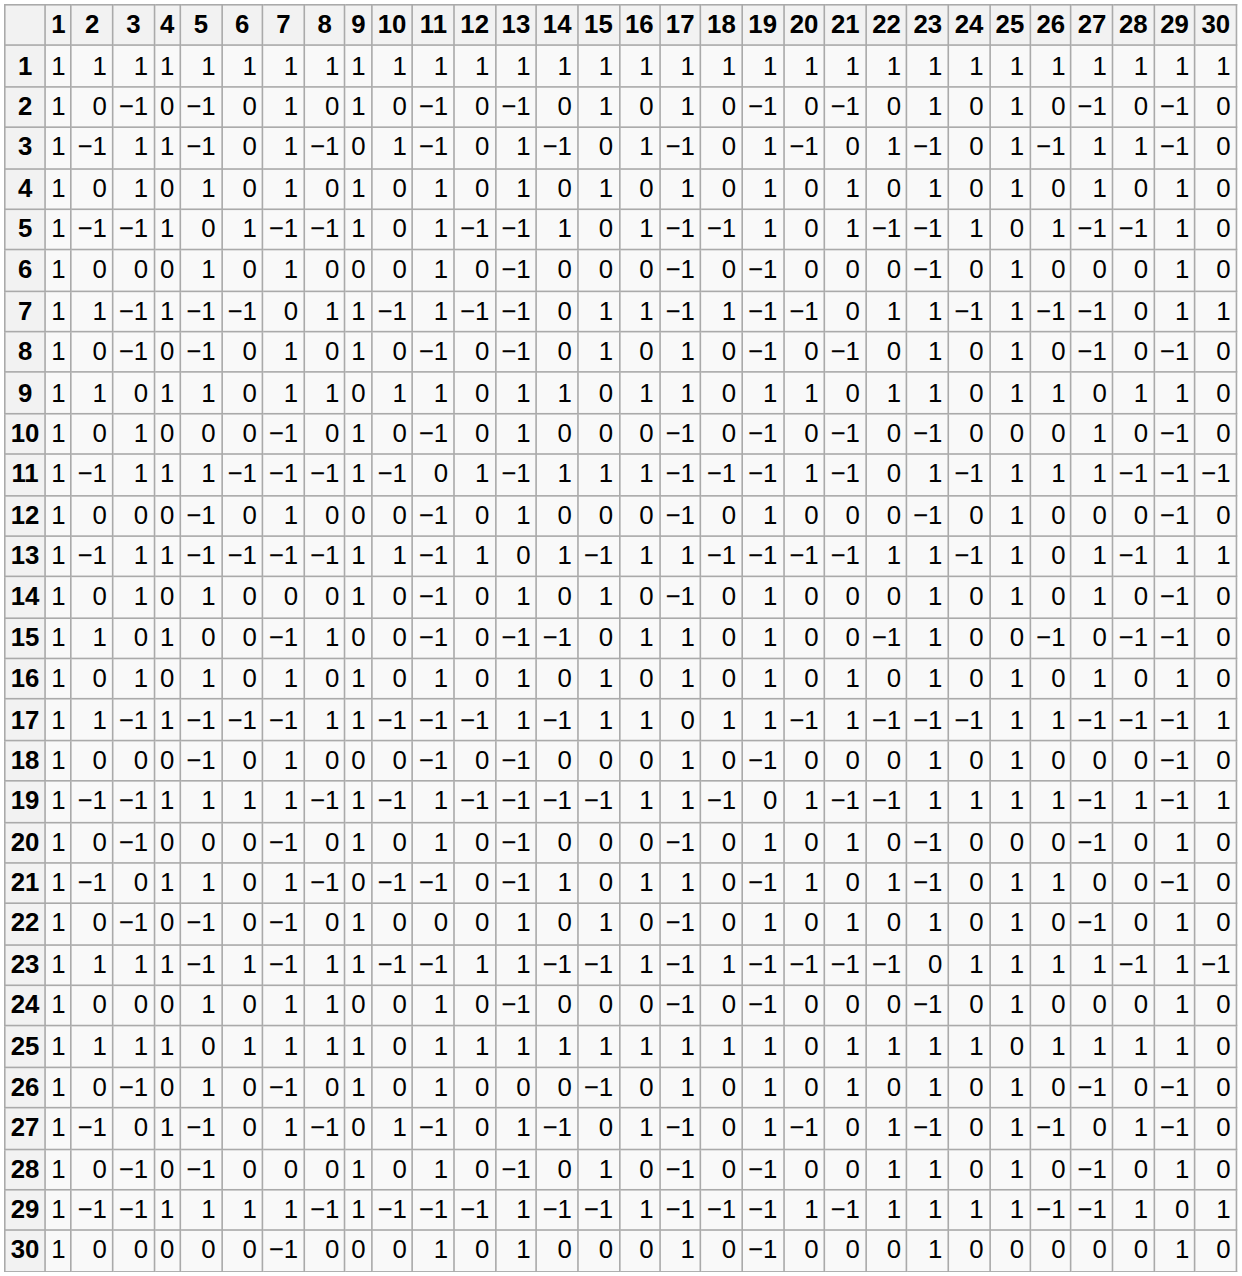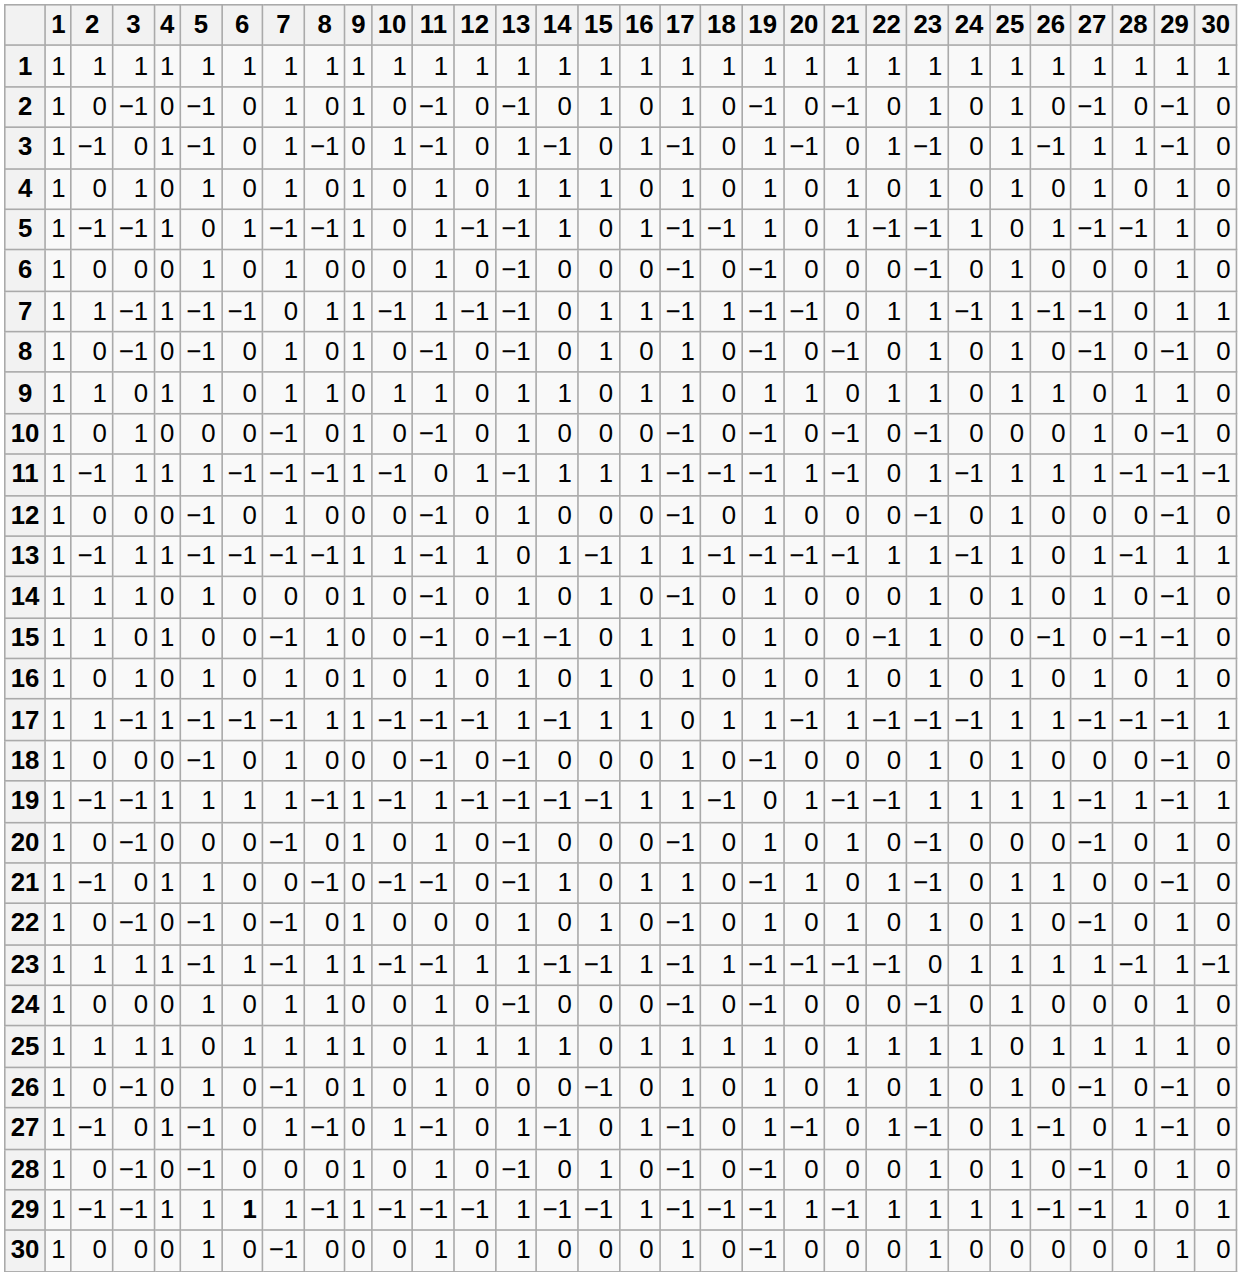 <table class="wikitable" style="text-align:right">
 <tr>
 <th></th>
 <th>1</th>
 <th>2</th>
 <th>3</th>
 <th>4</th>
 <th>5</th>
 <th>6</th>
 <th>7</th>
 <th>8</th>
 <th>9</th>
 <th>10</th>
 <th>11</th>
 <th>12</th>
 <th>13</th>
 <th>14</th>
 <th>15</th>
 <th>16</th>
 <th>17</th>
 <th>18</th>
 <th>19</th>
 <th>20</th>
 <th>21</th>
 <th>22</th>
 <th>23</th>
 <th>24</th>
 <th>25</th>
 <th>26</th>
 <th>27</th>
 <th>28</th>
 <th>29</th>
 <th>30</th>
 </tr>
 <tr>
 <th>1</th>
 <td>1</td>
 <td>1</td>
 <td>1</td>
 <td>1</td>
 <td>1</td>
 <td>1</td>
 <td>1</td>
 <td>1</td>
 <td>1</td>
 <td>1</td>
 <td>1</td>
 <td>1</td>
 <td>1</td>
 <td>1</td>
 <td>1</td>
 <td>1</td>
 <td>1</td>
 <td>1</td>
 <td>1</td>
 <td>1</td>
 <td>1</td>
 <td>1</td>
 <td>1</td>
 <td>1</td>
 <td>1</td>
 <td>1</td>
 <td>1</td>
 <td>1</td>
 <td>1</td>
 <td>1</td>
 </tr>
 <tr>
 <th>2</th>
 <td>1</td>
 <td>0</td>
 <td>−1</td>
 <td>0</td>
 <td>−1</td>
 <td>0</td>
 <td>1</td>
 <td>0</td>
 <td>1</td>
 <td>0</td>
 <td>−1</td>
 <td>0</td>
 <td>−1</td>
 <td>0</td>
 <td>1</td>
 <td>0</td>
 <td>1</td>
 <td>0</td>
 <td>−1</td>
 <td>0</td>
 <td>−1</td>
 <td>0</td>
 <td>1</td>
 <td>0</td>
 <td>1</td>
 <td>0</td>
 <td>−1</td>
 <td>0</td>
 <td>−1</td>
 <td>0</td>
 </tr>
 <tr>
 <th>3</th>
 <td>1</td>
 <td>−1</td>
-<td>1</td>
+<td>0</td>
 <td>1</td>
 <td>−1</td>
 <td>0</td>
 <td>1</td>
 <td>−1</td>
 <td>0</td>
 <td>1</td>
 <td>−1</td>
 <td>0</td>
 <td>1</td>
 <td>−1</td>
 <td>0</td>
 <td>1</td>
 <td>−1</td>
 <td>0</td>
 <td>1</td>
 <td>−1</td>
 <td>0</td>
 <td>1</td>
 <td>−1</td>
 <td>0</td>
 <td>1</td>
 <td>−1</td>
 <td>1</td>
 <td>1</td>
 <td>−1</td>
 <td>0</td>
 </tr>
 <tr>
 <th>4</th>
 <td>1</td>
 <td>0</td>
 <td>1</td>
 <td>0</td>
 <td>1</td>
 <td>0</td>
 <td>1</td>
 <td>0</td>
 <td>1</td>
 <td>0</td>
 <td>1</td>
 <td>0</td>
 <td>1</td>
-<td>0</td>
+<td>1</td>
 <td>1</td>
 <td>0</td>
 <td>1</td>
 <td>0</td>
 <td>1</td>
 <td>0</td>
 <td>1</td>
 <td>0</td>
 <td>1</td>
 <td>0</td>
 <td>1</td>
 <td>0</td>
 <td>1</td>
 <td>0</td>
 <td>1</td>
 <td>0</td>
 </tr>
 <tr>
 <th>5</th>
 <td>1</td>
 <td>−1</td>
 <td>−1</td>
 <td>1</td>
 <td>0</td>
 <td>1</td>
 <td>−1</td>
 <td>−1</td>
 <td>1</td>
 <td>0</td>
 <td>1</td>
 <td>−1</td>
 <td>−1</td>
 <td>1</td>
 <td>0</td>
 <td>1</td>
 <td>−1</td>
 <td>−1</td>
 <td>1</td>
 <td>0</td>
 <td>1</td>
 <td>−1</td>
 <td>−1</td>
 <td>1</td>
 <td>0</td>
 <td>1</td>
 <td>−1</td>
 <td>−1</td>
 <td>1</td>
 <td>0</td>
 </tr>
 <tr>
 <th>6</th>
 <td>1</td>
 <td>0</td>
 <td>0</td>
 <td>0</td>
 <td>1</td>
 <td>0</td>
 <td>1</td>
 <td>0</td>
 <td>0</td>
 <td>0</td>
 <td>1</td>
 <td>0</td>
 <td>−1</td>
 <td>0</td>
 <td>0</td>
 <td>0</td>
 <td>−1</td>
 <td>0</td>
 <td>−1</td>
 <td>0</td>
 <td>0</td>
 <td>0</td>
 <td>−1</td>
 <td>0</td>
 <td>1</td>
 <td>0</td>
 <td>0</td>
 <td>0</td>
 <td>1</td>
 <td>0</td>
 </tr>
 <tr>
 <th>7</th>
 <td>1</td>
 <td>1</td>
 <td>−1</td>
 <td>1</td>
 <td>−1</td>
 <td>−1</td>
 <td>0</td>
 <td>1</td>
 <td>1</td>
 <td>−1</td>
 <td>1</td>
 <td>−1</td>
 <td>−1</td>
 <td>0</td>
 <td>1</td>
 <td>1</td>
 <td>−1</td>
 <td>1</td>
 <td>−1</td>
 <td>−1</td>
 <td>0</td>
 <td>1</td>
 <td>1</td>
 <td>−1</td>
 <td>1</td>
 <td>−1</td>
 <td>−1</td>
 <td>0</td>
 <td>1</td>
 <td>1</td>
 </tr>
 <tr>
 <th>8</th>
 <td>1</td>
 <td>0</td>
 <td>−1</td>
 <td>0</td>
 <td>−1</td>
 <td>0</td>
 <td>1</td>
 <td>0</td>
 <td>1</td>
 <td>0</td>
 <td>−1</td>
 <td>0</td>
 <td>−1</td>
 <td>0</td>
 <td>1</td>
 <td>0</td>
 <td>1</td>
 <td>0</td>
 <td>−1</td>
 <td>0</td>
 <td>−1</td>
 <td>0</td>
 <td>1</td>
 <td>0</td>
 <td>1</td>
 <td>0</td>
 <td>−1</td>
 <td>0</td>
 <td>−1</td>
 <td>0</td>
 </tr>
 <tr>
 <th>9</th>
 <td>1</td>
 <td>1</td>
 <td>0</td>
 <td>1</td>
 <td>1</td>
 <td>0</td>
 <td>1</td>
 <td>1</td>
 <td>0</td>
 <td>1</td>
 <td>1</td>
 <td>0</td>
 <td>1</td>
 <td>1</td>
 <td>0</td>
 <td>1</td>
 <td>1</td>
 <td>0</td>
 <td>1</td>
 <td>1</td>
 <td>0</td>
 <td>1</td>
 <td>1</td>
 <td>0</td>
 <td>1</td>
 <td>1</td>
 <td>0</td>
 <td>1</td>
 <td>1</td>
 <td>0</td>
 </tr>
 <tr>
 <th>10</th>
 <td>1</td>
 <td>0</td>
 <td>1</td>
 <td>0</td>
 <td>0</td>
 <td>0</td>
 <td>−1</td>
 <td>0</td>
 <td>1</td>
 <td>0</td>
 <td>−1</td>
 <td>0</td>
 <td>1</td>
 <td>0</td>
 <td>0</td>
 <td>0</td>
 <td>−1</td>
 <td>0</td>
 <td>−1</td>
 <td>0</td>
 <td>−1</td>
 <td>0</td>
 <td>−1</td>
 <td>0</td>
 <td>0</td>
 <td>0</td>
 <td>1</td>
 <td>0</td>
 <td>−1</td>
 <td>0</td>
 </tr>
 <tr>
 <th>11</th>
 <td>1</td>
 <td>−1</td>
 <td>1</td>
 <td>1</td>
 <td>1</td>
 <td>−1</td>
 <td>−1</td>
 <td>−1</td>
 <td>1</td>
 <td>−1</td>
 <td>0</td>
 <td>1</td>
 <td>−1</td>
 <td>1</td>
 <td>1</td>
 <td>1</td>
 <td>−1</td>
 <td>−1</td>
 <td>−1</td>
 <td>1</td>
 <td>−1</td>
 <td>0</td>
 <td>1</td>
 <td>−1</td>
 <td>1</td>
 <td>1</td>
 <td>1</td>
 <td>−1</td>
 <td>−1</td>
 <td>−1</td>
 </tr>
 <tr>
 <th>12</th>
 <td>1</td>
 <td>0</td>
 <td>0</td>
 <td>0</td>
 <td>−1</td>
 <td>0</td>
 <td>1</td>
 <td>0</td>
 <td>0</td>
 <td>0</td>
 <td>−1</td>
 <td>0</td>
 <td>1</td>
 <td>0</td>
 <td>0</td>
 <td>0</td>
 <td>−1</td>
 <td>0</td>
 <td>1</td>
 <td>0</td>
 <td>0</td>
 <td>0</td>
 <td>−1</td>
 <td>0</td>
 <td>1</td>
 <td>0</td>
 <td>0</td>
 <td>0</td>
 <td>−1</td>
 <td>0</td>
 </tr>
 <tr>
 <th>13</th>
 <td>1</td>
 <td>−1</td>
 <td>1</td>
 <td>1</td>
 <td>−1</td>
 <td>−1</td>
 <td>−1</td>
 <td>−1</td>
 <td>1</td>
 <td>1</td>
 <td>−1</td>
 <td>1</td>
 <td>0</td>
 <td>1</td>
 <td>−1</td>
 <td>1</td>
 <td>1</td>
 <td>−1</td>
 <td>−1</td>
 <td>−1</td>
 <td>−1</td>
 <td>1</td>
 <td>1</td>
 <td>−1</td>
 <td>1</td>
 <td>0</td>
 <td>1</td>
 <td>−1</td>
 <td>1</td>
 <td>1</td>
 </tr>
 <tr>
 <th>14</th>
 <td>1</td>
-<td>0</td>
+<td>1</td>
 <td>1</td>
 <td>0</td>
 <td>1</td>
 <td>0</td>
 <td>0</td>
 <td>0</td>
 <td>1</td>
 <td>0</td>
 <td>−1</td>
 <td>0</td>
 <td>1</td>
 <td>0</td>
 <td>1</td>
 <td>0</td>
 <td>−1</td>
 <td>0</td>
 <td>1</td>
 <td>0</td>
 <td>0</td>
 <td>0</td>
 <td>1</td>
 <td>0</td>
 <td>1</td>
 <td>0</td>
 <td>1</td>
 <td>0</td>
 <td>−1</td>
 <td>0</td>
 </tr>
 <tr>
 <th>15</th>
 <td>1</td>
 <td>1</td>
 <td>0</td>
 <td>1</td>
 <td>0</td>
 <td>0</td>
 <td>−1</td>
 <td>1</td>
 <td>0</td>
 <td>0</td>
 <td>−1</td>
 <td>0</td>
 <td>−1</td>
 <td>−1</td>
 <td>0</td>
 <td>1</td>
 <td>1</td>
 <td>0</td>
 <td>1</td>
 <td>0</td>
 <td>0</td>
 <td>−1</td>
 <td>1</td>
 <td>0</td>
 <td>0</td>
 <td>−1</td>
 <td>0</td>
 <td>−1</td>
 <td>−1</td>
 <td>0</td>
 </tr>
 <tr>
 <th>16</th>
 <td>1</td>
 <td>0</td>
 <td>1</td>
 <td>0</td>
 <td>1</td>
 <td>0</td>
 <td>1</td>
 <td>0</td>
 <td>1</td>
 <td>0</td>
 <td>1</td>
 <td>0</td>
 <td>1</td>
 <td>0</td>
 <td>1</td>
 <td>0</td>
 <td>1</td>
 <td>0</td>
 <td>1</td>
 <td>0</td>
 <td>1</td>
 <td>0</td>
 <td>1</td>
 <td>0</td>
 <td>1</td>
 <td>0</td>
 <td>1</td>
 <td>0</td>
 <td>1</td>
 <td>0</td>
 </tr>
 <tr>
 <th>17</th>
 <td>1</td>
 <td>1</td>
 <td>−1</td>
 <td>1</td>
 <td>−1</td>
 <td>−1</td>
 <td>−1</td>
 <td>1</td>
 <td>1</td>
 <td>−1</td>
 <td>−1</td>
 <td>−1</td>
 <td>1</td>
 <td>−1</td>
 <td>1</td>
 <td>1</td>
 <td>0</td>
 <td>1</td>
 <td>1</td>
 <td>−1</td>
 <td>1</td>
 <td>−1</td>
 <td>−1</td>
 <td>−1</td>
 <td>1</td>
 <td>1</td>
 <td>−1</td>
 <td>−1</td>
 <td>−1</td>
 <td>1</td>
 </tr>
 <tr>
 <th>18</th>
 <td>1</td>
 <td>0</td>
 <td>0</td>
 <td>0</td>
 <td>−1</td>
 <td>0</td>
 <td>1</td>
 <td>0</td>
 <td>0</td>
 <td>0</td>
 <td>−1</td>
 <td>0</td>
 <td>−1</td>
 <td>0</td>
 <td>0</td>
 <td>0</td>
 <td>1</td>
 <td>0</td>
 <td>−1</td>
 <td>0</td>
 <td>0</td>
 <td>0</td>
 <td>1</td>
 <td>0</td>
 <td>1</td>
 <td>0</td>
 <td>0</td>
 <td>0</td>
 <td>−1</td>
 <td>0</td>
 </tr>
 <tr>
 <th>19</th>
 <td>1</td>
 <td>−1</td>
 <td>−1</td>
 <td>1</td>
 <td>1</td>
 <td>1</td>
 <td>1</td>
 <td>−1</td>
 <td>1</td>
 <td>−1</td>
 <td>1</td>
 <td>−1</td>
 <td>−1</td>
 <td>−1</td>
 <td>−1</td>
 <td>1</td>
 <td>1</td>
 <td>−1</td>
 <td>0</td>
 <td>1</td>
 <td>−1</td>
 <td>−1</td>
 <td>1</td>
 <td>1</td>
 <td>1</td>
 <td>1</td>
 <td>−1</td>
 <td>1</td>
 <td>−1</td>
 <td>1</td>
 </tr>
 <tr>
 <th>20</th>
 <td>1</td>
 <td>0</td>
 <td>−1</td>
 <td>0</td>
 <td>0</td>
 <td>0</td>
 <td>−1</td>
 <td>0</td>
 <td>1</td>
 <td>0</td>
 <td>1</td>
 <td>0</td>
 <td>−1</td>
 <td>0</td>
 <td>0</td>
 <td>0</td>
 <td>−1</td>
 <td>0</td>
 <td>1</td>
 <td>0</td>
 <td>1</td>
 <td>0</td>
 <td>−1</td>
 <td>0</td>
 <td>0</td>
 <td>0</td>
 <td>−1</td>
 <td>0</td>
 <td>1</td>
 <td>0</td>
 </tr>
 <tr>
 <th>21</th>
 <td>1</td>
 <td>−1</td>
 <td>0</td>
 <td>1</td>
 <td>1</td>
 <td>0</td>
-<td>1</td>
+<td>0</td>
 <td>−1</td>
 <td>0</td>
 <td>−1</td>
 <td>−1</td>
 <td>0</td>
 <td>−1</td>
 <td>1</td>
 <td>0</td>
 <td>1</td>
 <td>1</td>
 <td>0</td>
 <td>−1</td>
 <td>1</td>
 <td>0</td>
 <td>1</td>
 <td>−1</td>
 <td>0</td>
 <td>1</td>
 <td>1</td>
 <td>0</td>
 <td>0</td>
 <td>−1</td>
 <td>0</td>
 </tr>
 <tr>
 <th>22</th>
 <td>1</td>
 <td>0</td>
 <td>−1</td>
 <td>0</td>
 <td>−1</td>
 <td>0</td>
 <td>−1</td>
 <td>0</td>
 <td>1</td>
 <td>0</td>
 <td>0</td>
 <td>0</td>
 <td>1</td>
 <td>0</td>
 <td>1</td>
 <td>0</td>
 <td>−1</td>
 <td>0</td>
 <td>1</td>
 <td>0</td>
 <td>1</td>
 <td>0</td>
 <td>1</td>
 <td>0</td>
 <td>1</td>
 <td>0</td>
 <td>−1</td>
 <td>0</td>
 <td>1</td>
 <td>0</td>
 </tr>
 <tr>
 <th>23</th>
 <td>1</td>
 <td>1</td>
 <td>1</td>
 <td>1</td>
 <td>−1</td>
 <td>1</td>
 <td>−1</td>
 <td>1</td>
 <td>1</td>
 <td>−1</td>
 <td>−1</td>
 <td>1</td>
 <td>1</td>
 <td>−1</td>
 <td>−1</td>
 <td>1</td>
 <td>−1</td>
 <td>1</td>
 <td>−1</td>
 <td>−1</td>
 <td>−1</td>
 <td>−1</td>
 <td>0</td>
 <td>1</td>
 <td>1</td>
 <td>1</td>
 <td>1</td>
 <td>−1</td>
 <td>1</td>
 <td>−1</td>
 </tr>
 <tr>
 <th>24</th>
 <td>1</td>
 <td>0</td>
 <td>0</td>
 <td>0</td>
 <td>1</td>
 <td>0</td>
 <td>1</td>
 <td>1</td>
 <td>0</td>
 <td>0</td>
 <td>1</td>
 <td>0</td>
 <td>−1</td>
 <td>0</td>
 <td>0</td>
 <td>0</td>
 <td>−1</td>
 <td>0</td>
 <td>−1</td>
 <td>0</td>
 <td>0</td>
 <td>0</td>
 <td>−1</td>
 <td>0</td>
 <td>1</td>
 <td>0</td>
 <td>0</td>
 <td>0</td>
 <td>1</td>
 <td>0</td>
 </tr>
 <tr>
 <th>25</th>
 <td>1</td>
 <td>1</td>
 <td>1</td>
 <td>1</td>
 <td>0</td>
 <td>1</td>
 <td>1</td>
 <td>1</td>
 <td>1</td>
 <td>0</td>
 <td>1</td>
 <td>1</td>
 <td>1</td>
 <td>1</td>
-<td>1</td>
+<td>0</td>
 <td>1</td>
 <td>1</td>
 <td>1</td>
 <td>1</td>
 <td>0</td>
 <td>1</td>
 <td>1</td>
 <td>1</td>
 <td>1</td>
 <td>0</td>
 <td>1</td>
 <td>1</td>
 <td>1</td>
 <td>1</td>
 <td>0</td>
 </tr>
 <tr>
 <th>26</th>
 <td>1</td>
 <td>0</td>
 <td>−1</td>
 <td>0</td>
 <td>1</td>
 <td>0</td>
 <td>−1</td>
 <td>0</td>
 <td>1</td>
 <td>0</td>
 <td>1</td>
 <td>0</td>
 <td>0</td>
 <td>0</td>
 <td>−1</td>
 <td>0</td>
 <td>1</td>
 <td>0</td>
 <td>1</td>
 <td>0</td>
 <td>1</td>
 <td>0</td>
 <td>1</td>
 <td>0</td>
 <td>1</td>
 <td>0</td>
 <td>−1</td>
 <td>0</td>
 <td>−1</td>
 <td>0</td>
 </tr>
 <tr>
 <th>27</th>
 <td>1</td>
 <td>−1</td>
 <td>0</td>
 <td>1</td>
 <td>−1</td>
 <td>0</td>
 <td>1</td>
 <td>−1</td>
 <td>0</td>
 <td>1</td>
 <td>−1</td>
 <td>0</td>
 <td>1</td>
 <td>−1</td>
 <td>0</td>
 <td>1</td>
 <td>−1</td>
 <td>0</td>
 <td>1</td>
 <td>−1</td>
 <td>0</td>
 <td>1</td>
 <td>−1</td>
 <td>0</td>
 <td>1</td>
 <td>−1</td>
 <td>0</td>
 <td>1</td>
 <td>−1</td>
 <td>0</td>
 </tr>
 <tr>
 <th>28</th>
 <td>1</td>
 <td>0</td>
 <td>−1</td>
 <td>0</td>
 <td>−1</td>
 <td>0</td>
 <td>0</td>
 <td>0</td>
 <td>1</td>
 <td>0</td>
 <td>1</td>
 <td>0</td>
 <td>−1</td>
 <td>0</td>
 <td>1</td>
 <td>0</td>
 <td>−1</td>
 <td>0</td>
 <td>−1</td>
 <td>0</td>
 <td>0</td>
-<td>1</td>
+<td>0</td>
 <td>1</td>
 <td>0</td>
 <td>1</td>
 <td>0</td>
 <td>−1</td>
 <td>0</td>
 <td>1</td>
 <td>0</td>
 </tr>
 <tr>
 <th>29</th>
 <td>1</td>
 <td>−1</td>
 <td>−1</td>
 <td>1</td>
 <td>1</td>
-<td>1</td>
+<td><strong>1</strong></td>
 <td>1</td>
 <td>−1</td>
 <td>1</td>
 <td>−1</td>
 <td>−1</td>
 <td>−1</td>
 <td>1</td>
 <td>−1</td>
 <td>−1</td>
 <td>1</td>
 <td>−1</td>
 <td>−1</td>
 <td>−1</td>
 <td>1</td>
 <td>−1</td>
 <td>1</td>
 <td>1</td>
 <td>1</td>
 <td>1</td>
 <td>−1</td>
 <td>−1</td>
 <td>1</td>
 <td>0</td>
 <td>1</td>
 </tr>
 <tr>
 <th>30</th>
 <td>1</td>
 <td>0</td>
 <td>0</td>
 <td>0</td>
-<td>0</td>
+<td>1</td>
 <td>0</td>
 <td>−1</td>
 <td>0</td>
 <td>0</td>
 <td>0</td>
 <td>1</td>
 <td>0</td>
 <td>1</td>
 <td>0</td>
 <td>0</td>
 <td>0</td>
 <td>1</td>
 <td>0</td>
 <td>−1</td>
 <td>0</td>
 <td>0</td>
 <td>0</td>
 <td>1</td>
 <td>0</td>
 <td>0</td>
 <td>0</td>
 <td>0</td>
 <td>0</td>
 <td>1</td>
 <td>0</td>
 </tr>
 </table>
